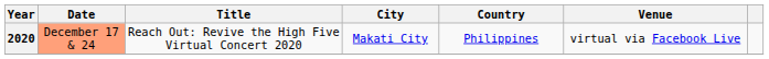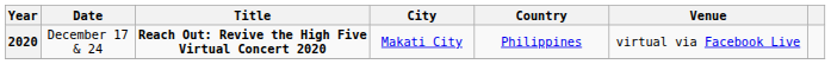 <table class="wikitable sortable plainrowheaders" style="text-align:center;">
 <tr>
 <th scope="col" style="width:1em;">Year</th>
 <th scope="col" style="width:10em;">Date</th>
 <th scope="col" style="width:35em;">Title</th>
 <th scope="col" style="width:13em;">City</th>
 <th scope="col" style="width:15em;">Country</th>
 <th scope="col" style="width:28em;">Venue</th>
 <th scope="col" style="width:2em;"></th>
 </tr>
 <tr>
 <th style="text-align:center" scope="row" rowspan="1"><strong>2020</strong></th>
-<td scope="row" style="background: lightsalmon;">December 17 & 24</td>
-<td>Reach Out: Revive the High Five Virtual Concert 2020</td>
+<td scope="row">December 17 & 24</td>
+<td><strong>Reach Out: Revive the High Five Virtual Concert 2020</strong></td>
 <td><a href='#'>Makati City</a></td>
 <td><a href='#'>Philippines</a></td>
 <td>virtual via <a href='#'>Facebook Live</a></td>
 <td></td>
 </tr>
 <tr>
 </tr>
 </table>
